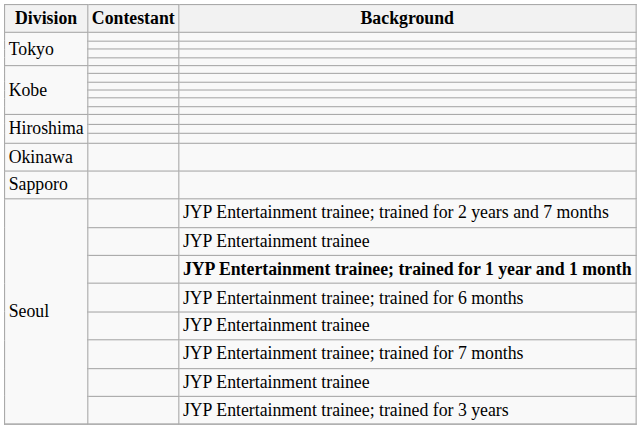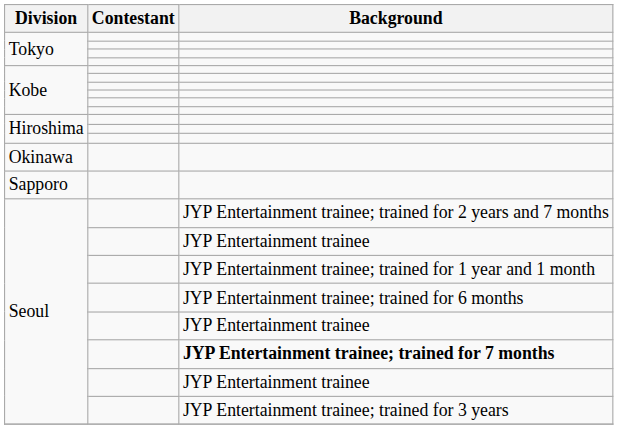 <table class="wikitable sortable">
 <tr>
 <th>Division</th>
 <th>Contestant</th>
 <th>Background</th>
 </tr>
 <tr>
 <td rowspan=4>Tokyo</td>
 <td data-sort-value="Ito"></td>
 <td></td>
 </tr>
 <tr>
 <td data-sort-value="So"></td>
 <td></td>
 </tr>
 <tr>
 <td data-sort-value="Nagatsuka"></td>
 <td></td>
 </tr>
 <tr>
 <td data-sort-value="Hoshizawa"></td>
 <td></td>
 </tr>
 <tr>
 <td rowspan=6>Kobe</td>
 <td data-sort-value="Tomiyasu"></td>
 <td></td>
 </tr>
 <tr>
 <td data-sort-value="Kitagawa"></td>
 <td></td>
 </tr>
 <tr>
 <td data-sort-value="Matsubara"></td>
 <td></td>
 </tr>
 <tr>
 <td data-sort-value="Nishiyama"></td>
 <td></td>
 </tr>
 <tr>
 <td data-sort-value="Kida"></td>
 <td></td>
 </tr>
 <tr>
 <td data-sort-value="Wataru"></td>
 <td></td>
 </tr>
 <tr>
 <td rowspan="3">Hiroshima</td>
 <td data-sort-value="Yamaguchi"></td>
 <td></td>
 </tr>
 <tr>
 <td data-sort-value="Enomoto"></td>
 <td></td>
 </tr>
 <tr>
 <td data-sort-value="Otsuka"></td>
 <td></td>
 </tr>
 <tr>
 <td>Okinawa</td>
 <td data-sort-value="Irei"></td>
 <td></td>
 </tr>
 <tr>
 <td>Sapporo</td>
 <td data-sort-value="Takahashi"></td>
 <td></td>
 </tr>
 <tr>
 <td rowspan=8>Seoul</td>
 <td data-sort-value="Uemura"></td>
 <td>JYP Entertainment trainee; trained for 2 years and 7 months</td>
 </tr>
 <tr>
 <td data-sort-value="Inagaki"></td>
 <td>JYP Entertainment trainee</td>
 </tr>
 <tr>
 <td data-sort-value="Miura"></td>
-<td><strong>JYP Entertainment trainee; trained for 1 year and 1 month</strong></td>
+<td>JYP Entertainment trainee; trained for 1 year and 1 month</td>
 </tr>
 <tr>
 <td data-sort-value="Inoue"></td>
 <td>JYP Entertainment trainee; trained for 6 months</td>
 </tr>
 <tr>
 <td data-sort-value="Matsuda"></td>
 <td>JYP Entertainment trainee</td>
 </tr>
 <tr>
 <td data-sort-value="Kawashima"></td>
-<td>JYP Entertainment trainee; trained for 7 months</td>
+<td><strong>JYP Entertainment trainee; trained for 7 months</strong></td>
 </tr>
 <tr>
 <td data-sort-value="Fujimaki"></td>
 <td>JYP Entertainment trainee</td>
 </tr>
 <tr>
 <td data-sort-value="Komori"></td>
 <td>JYP Entertainment trainee; trained for 3 years</td>
 </tr>
 <tr>
 </tr>
 </table>
